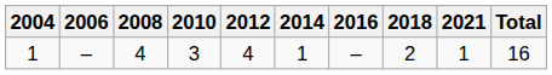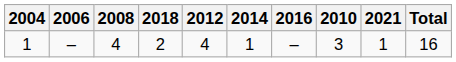 <table class="wikitable" style="text-align:center;font-size:95%;">
 <tr>
 <th>2004</th>
 <th>2006</th>
 <th>2008</th>
-<th>2010</th>
+<th>2018</th>
 <th>2012</th>
 <th>2014</th>
 <th>2016</th>
-<th>2018</th>
+<th>2010</th>
 <th>2021</th>
 <th>Total</th>
 </tr>
 <tr>
 <td>1</td>
 <td>–</td>
 <td>4</td>
-<td>3</td>
+<td>2</td>
 <td>4</td>
 <td>1</td>
 <td>–</td>
-<td>2</td>
+<td>3</td>
 <td>1</td>
 <td>16</td>
 </tr>
 </table>
